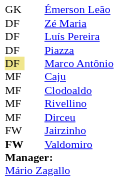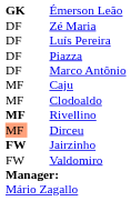 <table cellspacing="0" cellpadding="0" style="font-size:90%; margin:0.2em auto;">
 <tr>
 <th width="25"></th>
 <th width="25"></th>
 </tr>
 <tr>
-<td>GK</td>
+<td><strong>GK</strong></td>
 <td><strong> </strong></td>
 <td><a href='#'>Émerson Leão</a> </td>
 </tr>
 <tr>
 <td>DF</td>
 <td><strong> </strong></td>
 <td><a href='#'>Zé Maria</a> </td>
 </tr>
 <tr>
 <td>DF</td>
 <td><strong> </strong></td>
 <td><a href='#'>Luís Pereira</a> </td>
 </tr>
 <tr>
 <td>DF</td>
 <td><strong> </strong></td>
 <td><a href='#'>Piazza</a> </td>
 </tr>
 <tr>
-<td style="background: khaki;">DF</td>
+<td>DF</td>
 <td><strong> </strong></td>
 <td><a href='#'>Marco Antônio</a> </td>
 </tr>
 <tr>
 <td>MF</td>
 <td><strong> </strong></td>
 <td><a href='#'>Caju</a> </td>
 </tr>
 <tr>
 <td>MF</td>
 <td><strong> </strong></td>
 <td><a href='#'>Clodoaldo</a> </td>
 </tr>
 <tr>
-<td>MF</td>
+<td><strong>MF</strong></td>
 <td><strong> </strong></td>
 <td><a href='#'>Rivellino</a> </td>
 </tr>
 <tr>
-<td>MF</td>
+<td style="background: lightsalmon;">MF</td>
 <td><strong> </strong></td>
 <td><a href='#'>Dirceu</a> </td>
 </tr>
 <tr>
-<td>FW</td>
+<td><strong>FW</strong></td>
 <td><strong> </strong></td>
 <td><a href='#'>Jairzinho</a> </td>
 </tr>
 <tr>
-<td><strong>FW</strong></td>
+<td>FW</td>
 <td><strong> </strong></td>
 <td><a href='#'>Valdomiro</a> </td>
 </tr>
 <tr>
 <td colspan=3><strong>Manager:</strong></td>
 </tr>
 <tr>
 <td colspan=4> <a href='#'>Mário Zagallo</a> </td>
 </tr>
 </table>
